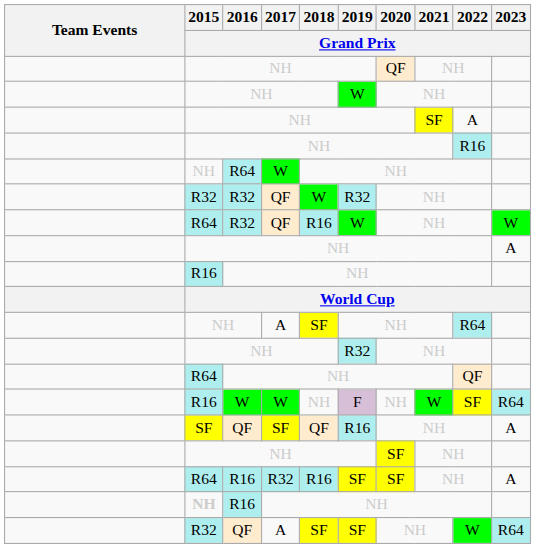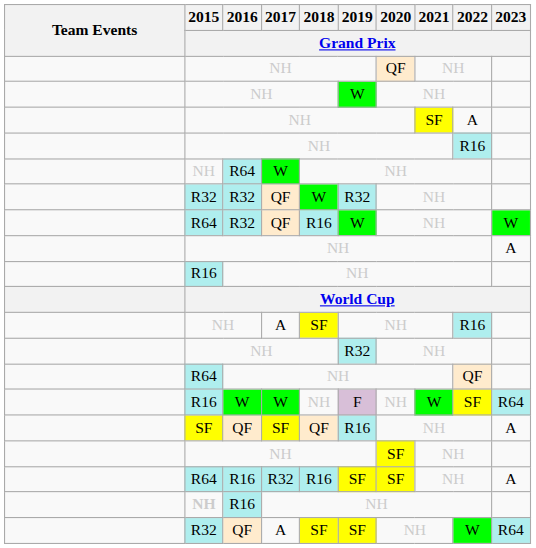 <table style='font-size: 90%; text-align:center;' class='wikitable'>
 <tr>
 <th rowspan="2" style="width:160px;" class=unsortable>Team Events</th>
 <th>2015</th>
 <th>2016</th>
 <th>2017</th>
 <th>2018</th>
 <th>2019</th>
 <th>2020</th>
 <th>2021</th>
 <th>2022</th>
 <th>2023</th>
 </tr>
 <tr>
 <th colspan="9"><a href='#'>Grand Prix</a></th>
 </tr>
 <tr>
 <td align=left></td>
 <td colspan="5" style=color:#ccc>NH</td>
 <td bgcolor=FFEBCD>QF</td>
 <td colspan="2" style=color:#ccc>NH</td>
 <td></td>
 </tr>
 <tr>
 <td align=left></td>
 <td colspan="4" style=color:#ccc>NH</td>
 <td bgcolor=00FF00>W</td>
 <td colspan="3" style=color:#ccc>NH</td>
 <td></td>
 </tr>
 <tr>
 <td align=left></td>
 <td colspan="6" style=color:#ccc>NH</td>
 <td bgcolor=FFFF00>SF</td>
 <td>A</td>
 <td></td>
 </tr>
 <tr>
 <td align=left></td>
 <td colspan="7" style=color:#ccc>NH</td>
 <td bgcolor=AFEEEE>R16</td>
 <td></td>
 </tr>
 <tr>
 <td align=left></td>
 <td style=color:#ccc>NH</td>
 <td bgcolor=AFEEEE>R64</td>
 <td bgcolor=00FF00>W</td>
 <td colspan="5" style=color:#ccc>NH</td>
 </tr>
 <tr>
 <td align=left></td>
 <td bgcolor=AFEEEE>R32</td>
 <td bgcolor=AFEEEE>R32</td>
 <td bgcolor=FFEBCD>QF</td>
 <td bgcolor=00FF00>W</td>
 <td bgcolor=AFEEEE>R32</td>
 <td colspan="3" style=color:#ccc>NH</td>
 <td></td>
 </tr>
 <tr>
 <td align=left></td>
 <td bgcolor=AFEEEE>R64</td>
 <td bgcolor=AFEEEE>R32</td>
 <td bgcolor=FFEBCD>QF</td>
 <td bgcolor=AFEEEE>R16</td>
 <td bgcolor=00FF00>W</td>
 <td colspan="3" style=color:#ccc>NH</td>
 <td bgcolor=00FF00>W</td>
 </tr>
 <tr>
 <td align=left></td>
 <td colspan="8" style=color:#ccc>NH</td>
 <td>A</td>
 </tr>
 <tr>
 <td align=left></td>
 <td bgcolor=AFEEEE>R16</td>
 <td colspan="7" style=color:#ccc>NH</td>
 <td></td>
 </tr>
 <tr>
 <th></th>
 <th colspan="9"><a href='#'>World Cup</a></th>
 </tr>
 <tr>
 <td align=left></td>
 <td colspan="2" style=color:#ccc>NH</td>
 <td>A</td>
 <td bgcolor=FFFF00>SF</td>
 <td colspan="3" style=color:#ccc>NH</td>
-<td bgcolor=AFEEEE>R64</td>
+<td bgcolor=AFEEEE>R16</td>
 <td></td>
 </tr>
 <tr>
 <td align=left></td>
 <td colspan="4" style=color:#ccc>NH</td>
 <td bgcolor=AFEEEE>R32</td>
 <td colspan="3" style=color:#ccc>NH</td>
 <td></td>
 </tr>
 <tr>
 <td align=left></td>
 <td bgcolor=AFEEEE>R64</td>
 <td colspan="6" style=color:#ccc>NH</td>
 <td bgcolor=FFEBCD>QF</td>
 <td></td>
 </tr>
 <tr>
 <td align=left></td>
 <td bgcolor=AFEEEE>R16</td>
 <td bgcolor=00FF00>W</td>
 <td bgcolor=00FF00>W</td>
 <td style=color:#ccc>NH</td>
 <td bgcolor=D8BFD8>F</td>
 <td style=color:#ccc>NH</td>
 <td bgcolor=00FF00>W</td>
 <td bgcolor=FFFF00>SF</td>
 <td bgcolor=AFEEEE>R64</td>
 </tr>
 <tr>
 <td align=left></td>
 <td bgcolor=FFFF00>SF</td>
 <td bgcolor=FFEBCD>QF</td>
 <td bgcolor=FFFF00>SF</td>
 <td bgcolor=FFEBCD>QF</td>
 <td bgcolor=AFEEEE>R16</td>
 <td colspan="3" style=color:#ccc>NH</td>
 <td>A</td>
 </tr>
 <tr>
 <td align=left></td>
 <td colspan="5" style=color:#ccc>NH</td>
 <td bgcolor=FFFF00>SF</td>
 <td colspan="2" style=color:#ccc>NH</td>
 <td></td>
 </tr>
 <tr>
 <td align=left></td>
 <td bgcolor=AFEEEE>R64</td>
 <td bgcolor=AFEEEE>R16</td>
 <td bgcolor=AFEEEE>R32</td>
 <td bgcolor=AFEEEE>R16</td>
 <td bgcolor=FFFF00>SF</td>
 <td bgcolor=FFFF00>SF</td>
 <td colspan="2" style=color:#ccc>NH</td>
 <td>A</td>
 </tr>
 <tr>
 <td align=left></td>
 <td style=color:#ccc><strong>NH</strong></td>
 <td bgcolor=AFEEEE>R16</td>
 <td colspan="6" style=color:#ccc>NH</td>
 <td></td>
 </tr>
 <tr>
 <td align=left></td>
 <td bgcolor=AFEEEE>R32</td>
 <td bgcolor=FFEBCD>QF</td>
 <td>A</td>
 <td bgcolor=FFFF00>SF</td>
 <td bgcolor=FFFF00>SF</td>
 <td colspan="2" style=color:#ccc>NH</td>
 <td bgcolor=00FF00>W</td>
 <td bgcolor=AFEEEE>R64</td>
 </tr>
 </table>
